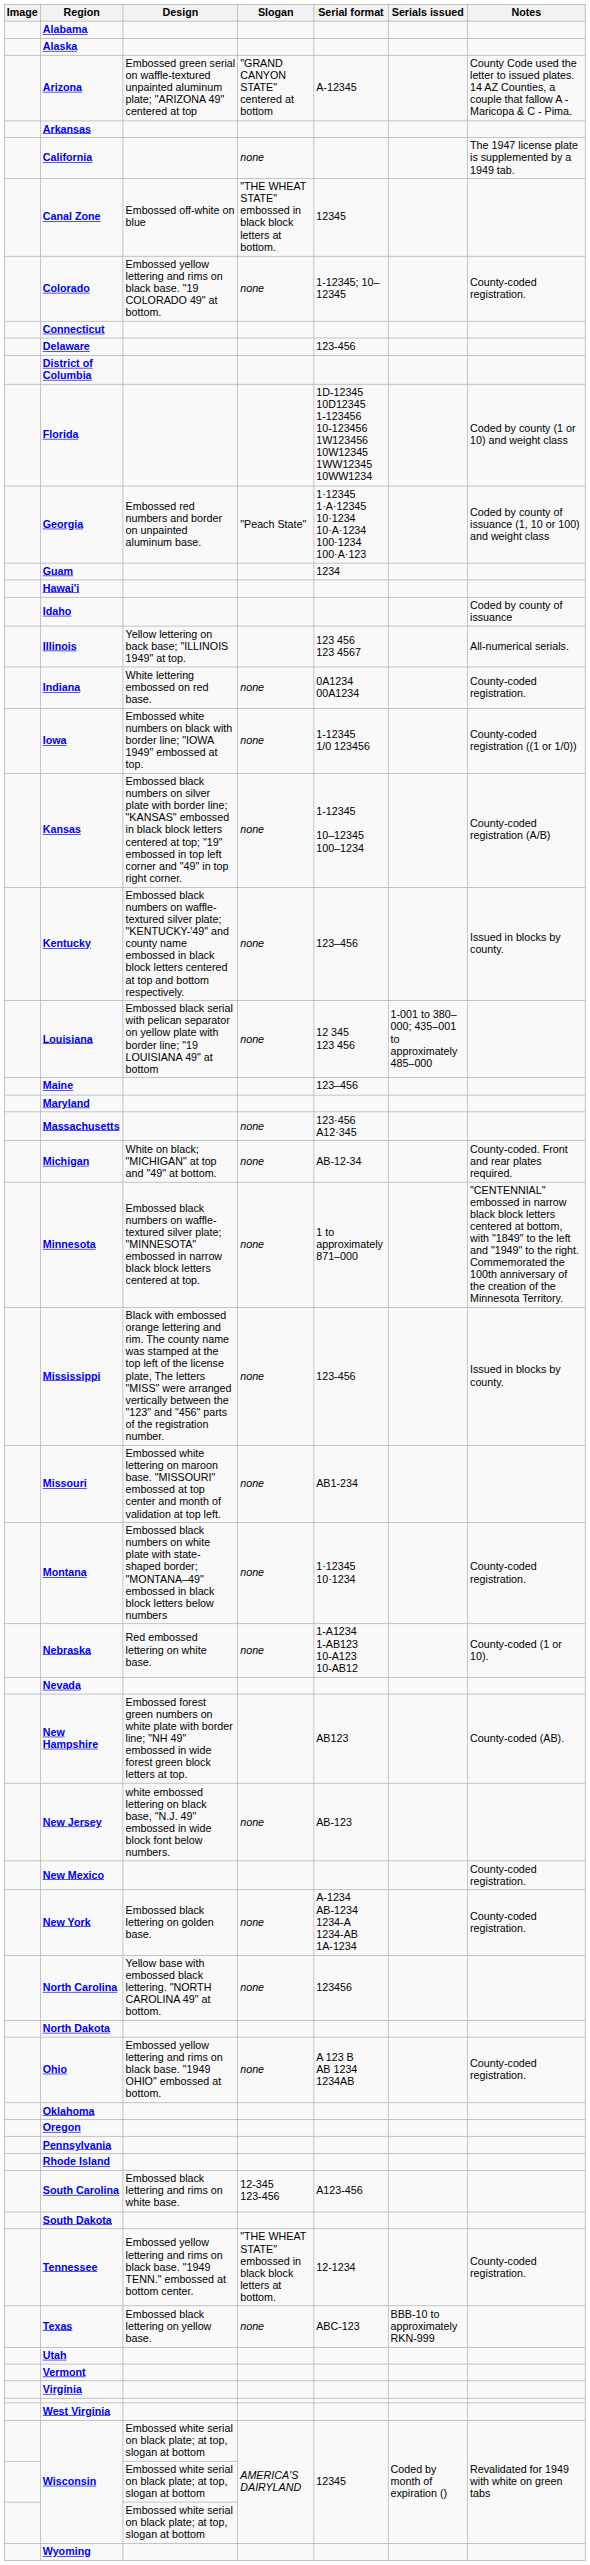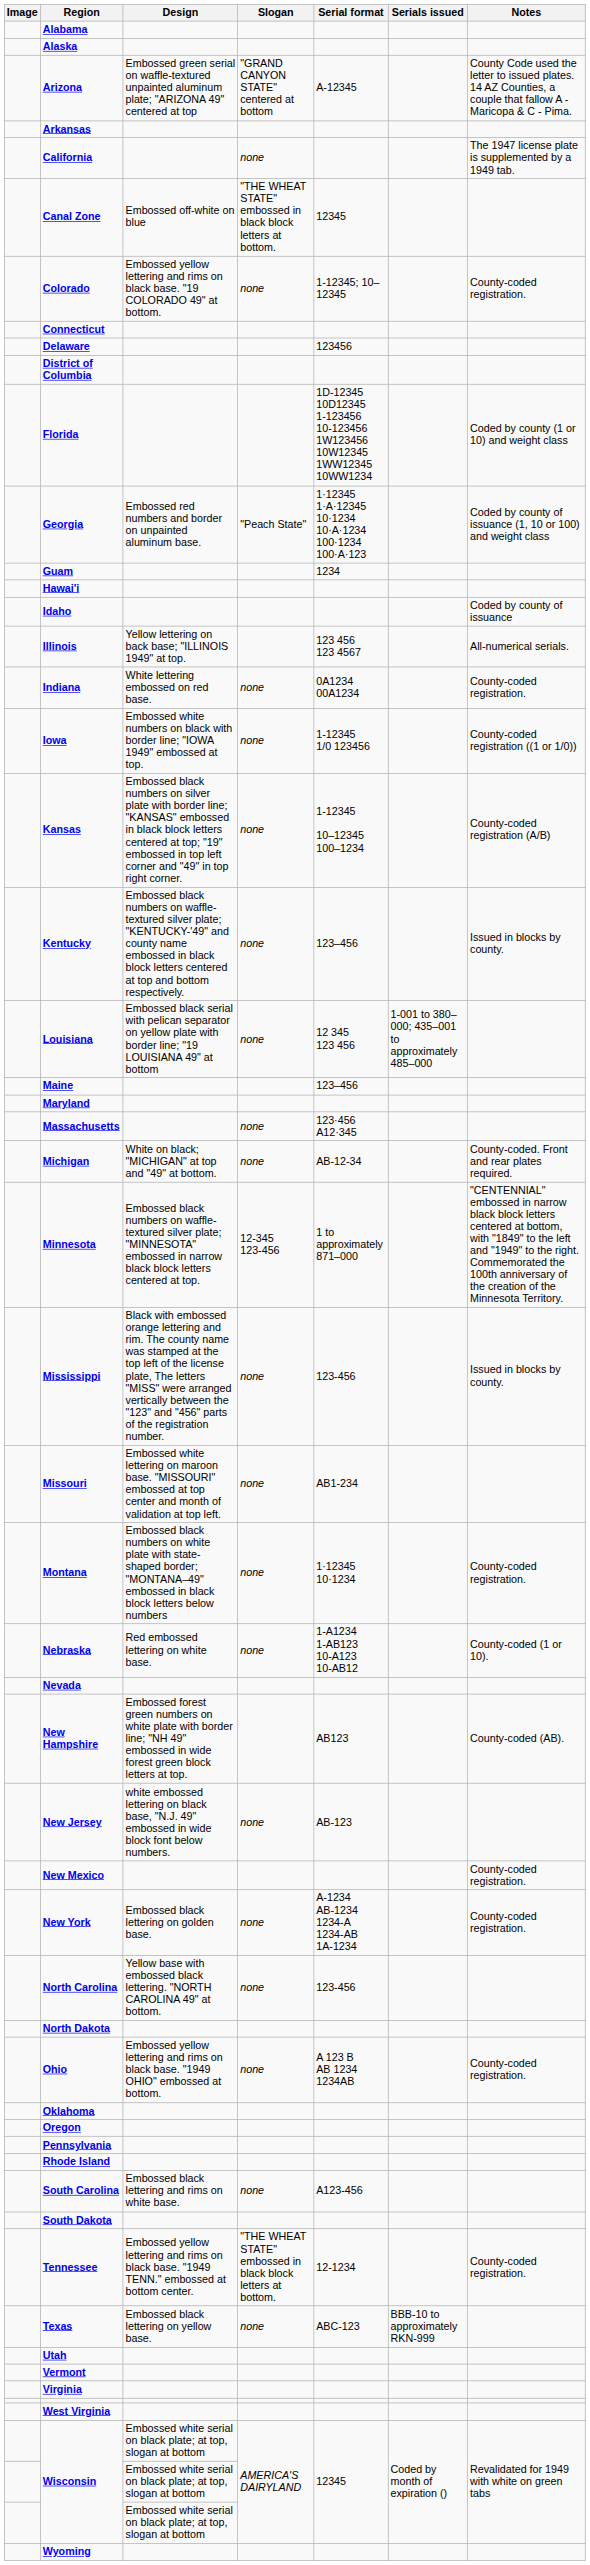 <table class="wikitable">
 <tr>
 <th>Image</th>
 <th>Region</th>
 <th>Design</th>
 <th>Slogan</th>
 <th>Serial format</th>
 <th>Serials issued</th>
 <th>Notes</th>
 </tr>
 <tr>
 <td></td>
 <td><strong><a href='#'>Alabama</a></strong></td>
 <td></td>
 <td></td>
 <td></td>
 <td></td>
 <td></td>
 </tr>
 <tr>
 <td></td>
 <td><strong><a href='#'>Alaska</a></strong></td>
 <td></td>
 <td></td>
 <td></td>
 <td></td>
 <td></td>
 </tr>
 <tr>
 <td></td>
 <td><strong><a href='#'>Arizona</a></strong></td>
 <td>Embossed green serial on waffle-textured unpainted aluminum plate; "ARIZONA 49" centered at top</td>
 <td>"GRAND CANYON STATE" centered at bottom</td>
 <td>A-12345</td>
 <td></td>
 <td>County Code used the letter to issued plates. 14 AZ Counties, a couple that fallow A - Maricopa & C - Pima.</td>
 </tr>
 <tr>
 <td></td>
 <td><strong><a href='#'>Arkansas</a></strong></td>
 <td></td>
 <td></td>
 <td></td>
 <td></td>
 <td></td>
 </tr>
 <tr>
 <td></td>
 <td><strong><a href='#'>California</a></strong></td>
 <td></td>
 <td><em>none</em></td>
 <td></td>
 <td></td>
 <td>The 1947 license plate is supplemented by a 1949 tab.</td>
 </tr>
 <tr>
 <td></td>
 <td><strong><a href='#'>Canal Zone</a></strong></td>
 <td>Embossed off-white on blue</td>
 <td>"THE WHEAT STATE" embossed in black block letters at bottom.</td>
 <td>12345</td>
 <td></td>
 <td></td>
 </tr>
 <tr>
 <td></td>
 <td><strong><a href='#'>Colorado</a></strong></td>
 <td>Embossed yellow lettering and rims on black base. "19 COLORADO 49" at bottom.</td>
 <td><em>none</em></td>
 <td>1-12345; 10–12345</td>
 <td></td>
 <td>County-coded registration.</td>
 </tr>
 <tr>
 <td></td>
 <td><strong><a href='#'>Connecticut</a></strong></td>
 <td></td>
 <td></td>
 <td></td>
 <td></td>
 <td></td>
 </tr>
 <tr>
 <td></td>
 <td><strong><a href='#'>Delaware</a></strong></td>
 <td></td>
 <td></td>
-<td>123-456</td>
+<td>123456</td>
 <td></td>
 <td></td>
 </tr>
 <tr>
 <td></td>
 <td><strong><a href='#'>District of Columbia</a></strong></td>
 <td></td>
 <td></td>
 <td></td>
 <td></td>
 <td></td>
 </tr>
 <tr>
 <td></td>
 <td><strong><a href='#'>Florida</a></strong></td>
 <td></td>
 <td></td>
 <td>1D-12345<br>10D12345<br>1-123456<br>10-123456<br>1W123456<br>10W12345<br>1WW12345<br>10WW1234</td>
 <td></td>
 <td>Coded by county (1 or 10) and weight class</td>
 </tr>
 <tr>
 <td></td>
 <td><strong><a href='#'>Georgia</a></strong></td>
 <td>Embossed red numbers and border on unpainted aluminum base.</td>
 <td>"Peach State"</td>
 <td>1·12345<br>1·A·12345<br>10·1234<br>10·A·1234<br>100·1234<br>100·A·123</td>
 <td></td>
 <td>Coded by county of issuance (1, 10 or 100) and weight class</td>
 </tr>
 <tr>
 <td></td>
 <td><strong><a href='#'>Guam</a></strong></td>
 <td></td>
 <td></td>
 <td>1234</td>
 <td></td>
 <td></td>
 </tr>
 <tr>
 <td></td>
 <td><strong><a href='#'>Hawai'i</a></strong></td>
 <td></td>
 <td></td>
 <td></td>
 <td></td>
 <td></td>
 </tr>
 <tr>
 <td></td>
 <td><strong><a href='#'>Idaho</a></strong></td>
 <td></td>
 <td></td>
 <td></td>
 <td></td>
 <td>Coded by county of issuance</td>
 </tr>
 <tr>
 <td></td>
 <td><strong><a href='#'>Illinois</a></strong></td>
 <td>Yellow lettering on back base; "ILLINOIS 1949" at top.</td>
 <td></td>
 <td>123 456<br>123 4567</td>
 <td></td>
 <td>All-numerical serials.</td>
 </tr>
 <tr>
 <td></td>
 <td><strong><a href='#'>Indiana</a></strong></td>
 <td>White lettering embossed on red base.</td>
 <td><em>none</em></td>
 <td>0A1234<br>00A1234</td>
 <td></td>
 <td>County-coded registration.</td>
 </tr>
 <tr>
 <td></td>
 <td><strong><a href='#'>Iowa</a></strong></td>
 <td>Embossed white numbers on black with border line; "IOWA 1949" embossed at top.</td>
 <td><em>none</em></td>
 <td>1-12345<br>1/0 123456</td>
 <td></td>
 <td>County-coded registration ((1 or 1/0))</td>
 </tr>
 <tr>
 <td></td>
 <td><strong><a href='#'>Kansas</a></strong></td>
 <td>Embossed black numbers on silver plate with border line; "KANSAS" embossed in black block letters centered at top; "19" embossed in top left corner and "49" in top right corner.</td>
 <td><em>none</em></td>
 <td>1-12345<br><br>10–12345<br> 100–1234</td>
 <td></td>
 <td>County-coded registration (A/B)</td>
 </tr>
 <tr>
 <td></td>
 <td><strong><a href='#'>Kentucky</a></strong></td>
 <td>Embossed black numbers on waffle-textured silver plate; "KENTUCKY-'49" and county name embossed in black block letters centered at top and bottom respectively.</td>
 <td><em>none</em></td>
 <td>123–456</td>
 <td></td>
 <td>Issued in blocks by county.</td>
 </tr>
 <tr>
 <td></td>
 <td><strong><a href='#'>Louisiana</a></strong></td>
 <td>Embossed black serial with pelican separator on yellow plate with border line; "19 LOUISIANA 49" at bottom</td>
 <td><em>none</em></td>
 <td>12 345<br>123 456</td>
 <td>1-001 to 380–000; 435–001 to approximately 485–000</td>
 <td></td>
 </tr>
 <tr>
 <td></td>
 <td><strong><a href='#'>Maine</a></strong></td>
 <td></td>
 <td></td>
 <td>123–456</td>
 <td></td>
 <td></td>
 </tr>
 <tr>
 <td></td>
 <td><strong><a href='#'>Maryland</a></strong></td>
 <td></td>
 <td></td>
 <td></td>
 <td></td>
 <td></td>
 </tr>
 <tr>
 <td></td>
 <td><strong><a href='#'>Massachusetts</a></strong></td>
 <td></td>
 <td><em>none</em></td>
 <td>123·456<br>A12·345</td>
 <td></td>
 <td></td>
 </tr>
 <tr>
 <td></td>
 <td><strong><a href='#'>Michigan</a></strong></td>
 <td>White on black; "MICHIGAN" at top and "49" at bottom.</td>
 <td><em>none</em></td>
 <td>AB-12-34</td>
 <td></td>
 <td>County-coded. Front and rear plates required.</td>
 </tr>
 <tr>
 <td></td>
 <td><strong><a href='#'>Minnesota</a></strong></td>
 <td>Embossed black numbers on waffle-textured silver plate; "MINNESOTA" embossed in narrow black block letters centered at top.</td>
-<td><em>none</em></td>
+<td>12-345<br>123-456</td>
 <td>1 to approximately 871–000</td>
 <td></td>
 <td>"CENTENNIAL" embossed in narrow black block letters centered at bottom, with "1849" to the left and "1949" to the right. Commemorated the 100th anniversary of the creation of the Minnesota Territory.</td>
 </tr>
 <tr>
 <td></td>
 <td><strong><a href='#'>Mississippi</a></strong></td>
 <td>Black with embossed orange lettering and rim. The county name was stamped at the top left of the license plate, The letters "MISS" were arranged vertically between the "123" and "456" parts of the registration number.</td>
 <td><em>none</em></td>
 <td>123-456</td>
 <td></td>
 <td>Issued in blocks by county.</td>
 </tr>
 <tr>
 <td></td>
 <td><strong><a href='#'>Missouri</a></strong></td>
 <td>Embossed white lettering on maroon base. "MISSOURI" embossed at top center and month of validation at top left.</td>
 <td><em>none</em></td>
 <td>AB1-234</td>
 <td></td>
 <td></td>
 </tr>
 <tr>
 <td></td>
 <td><strong><a href='#'>Montana</a></strong></td>
 <td>Embossed black numbers on white plate with state-shaped border; "MONTANA–49" embossed in black block letters below numbers</td>
 <td><em>none</em></td>
 <td>1·12345<br>10·1234</td>
 <td></td>
 <td>County-coded registration.</td>
 </tr>
 <tr>
 <td></td>
 <td><strong><a href='#'>Nebraska</a></strong></td>
 <td>Red embossed lettering on white base.</td>
 <td><em>none</em></td>
 <td>1-A1234<br>1-AB123<br>10-A123<br>10-AB12</td>
 <td></td>
 <td>County-coded (1 or 10).</td>
 </tr>
 <tr>
 <td></td>
 <td><strong><a href='#'>Nevada</a></strong></td>
 <td></td>
 <td></td>
 <td></td>
 <td></td>
 <td></td>
 </tr>
 <tr>
 <td></td>
 <td><strong><a href='#'>New Hampshire</a></strong></td>
 <td>Embossed forest green numbers on white plate with border line; "NH 49" embossed in wide forest green block letters at top.</td>
 <td></td>
 <td>AB123</td>
 <td></td>
 <td>County-coded (AB).</td>
 </tr>
 <tr>
 <td></td>
 <td><strong><a href='#'>New Jersey</a></strong></td>
 <td>white embossed lettering on black base, "N.J. 49" embossed in wide block font below numbers.</td>
 <td><em>none</em></td>
 <td>AB-123</td>
 <td></td>
 <td></td>
 </tr>
 <tr>
 <td></td>
 <td><strong><a href='#'>New Mexico</a></strong></td>
 <td></td>
 <td></td>
 <td></td>
 <td></td>
 <td>County-coded registration.</td>
 </tr>
 <tr>
 <td></td>
 <td><strong><a href='#'>New York</a></strong></td>
 <td>Embossed black lettering on golden base.</td>
 <td><em>none</em></td>
 <td>A-1234<br>AB-1234<br>1234-A<br>1234-AB<br>1A-1234</td>
 <td></td>
 <td>County-coded registration.</td>
 </tr>
 <tr>
 <td></td>
 <td><strong><a href='#'>North Carolina</a></strong></td>
 <td>Yellow base with embossed black lettering. "NORTH CAROLINA 49" at bottom.</td>
 <td><em>none</em></td>
-<td>123456</td>
+<td>123-456</td>
 <td></td>
 <td></td>
 </tr>
 <tr>
 <td></td>
 <td><strong><a href='#'>North Dakota</a></strong></td>
 <td></td>
 <td></td>
 <td></td>
 <td></td>
 <td></td>
 </tr>
 <tr>
 <td></td>
 <td><strong><a href='#'>Ohio</a></strong></td>
 <td>Embossed yellow lettering and rims on black base. "1949 OHIO" embossed at bottom.</td>
 <td><em>none</em></td>
 <td>A 123 B<br>AB 1234<br>1234AB</td>
 <td></td>
 <td>County-coded registration.</td>
 </tr>
 <tr>
 <td></td>
 <td><strong><a href='#'>Oklahoma</a></strong></td>
 <td></td>
 <td></td>
 <td></td>
 <td></td>
 <td></td>
 </tr>
 <tr>
 <td></td>
 <td><strong><a href='#'>Oregon</a></strong></td>
 <td></td>
 <td></td>
 <td></td>
 <td></td>
 <td></td>
 </tr>
 <tr>
 <td></td>
 <td><strong><a href='#'>Pennsylvania</a></strong></td>
 <td></td>
 <td></td>
 <td></td>
 <td></td>
 <td></td>
 </tr>
 <tr>
 <td></td>
 <td><strong><a href='#'>Rhode Island</a></strong></td>
 <td></td>
 <td></td>
 <td></td>
 <td></td>
 <td></td>
 </tr>
 <tr>
 <td></td>
 <td><strong><a href='#'>South Carolina</a></strong></td>
 <td>Embossed black lettering and rims on white base.</td>
-<td>12-345<br>123-456</td>
+<td><em>none</em></td>
 <td>A123-456</td>
 <td></td>
 <td></td>
 </tr>
 <tr>
 <td></td>
 <td><strong><a href='#'>South Dakota</a></strong></td>
 <td></td>
 <td></td>
 <td></td>
 <td></td>
 <td></td>
 </tr>
 <tr>
 <td></td>
 <td><strong><a href='#'>Tennessee</a></strong></td>
 <td>Embossed yellow lettering and rims on black base. "1949 TENN." embossed at bottom center.</td>
 <td>"THE WHEAT STATE" embossed in black block letters at bottom.</td>
 <td>12-1234</td>
 <td></td>
 <td>County-coded registration.</td>
 </tr>
 <tr>
 <td></td>
 <td><strong><a href='#'>Texas</a></strong></td>
 <td>Embossed black lettering on yellow base.</td>
 <td><em>none</em></td>
 <td>ABC-123</td>
 <td>BBB-10 to approximately RKN-999</td>
 <td></td>
 </tr>
 <tr>
 <td></td>
 <td><strong><a href='#'>Utah</a></strong></td>
 <td></td>
 <td></td>
 <td></td>
 <td></td>
 <td></td>
 </tr>
 <tr>
 <td></td>
 <td><strong><a href='#'>Vermont</a></strong></td>
 <td></td>
 <td></td>
 <td></td>
 <td></td>
 <td></td>
 </tr>
 <tr>
 <td></td>
 <td><strong><a href='#'>Virginia</a></strong></td>
 <td></td>
 <td></td>
 <td></td>
 <td></td>
 <td></td>
 </tr>
 <tr>
 <td></td>
 <td></td>
 <td></td>
 <td></td>
 <td></td>
 <td></td>
 <td></td>
 </tr>
 <tr>
 <td></td>
 <td><strong><a href='#'>West Virginia</a></strong></td>
 <td></td>
 <td></td>
 <td></td>
 <td></td>
 <td></td>
 </tr>
 <tr>
 <td></td>
 <td rowspan="3"><strong><a href='#'>Wisconsin</a></strong></td>
 <td>Embossed white serial on black plate;  at top, slogan at bottom</td>
 <td rowspan="3"><em>AMERICA'S DAIRYLAND</em></td>
 <td rowspan="3"> 12345</td>
 <td rowspan="3">Coded by month of expiration ()</td>
 <td rowspan="3">Revalidated for 1949 with white on green tabs</td>
 </tr>
 <tr>
 <td></td>
 <td>Embossed white serial on black plate;  at top, slogan at bottom</td>
 </tr>
 <tr>
 <td></td>
 <td>Embossed white serial on black plate;  at top, slogan at bottom</td>
 </tr>
 <tr>
 <td></td>
 <td><strong><a href='#'>Wyoming</a></strong></td>
 <td></td>
 <td></td>
 <td></td>
 <td></td>
 <td></td>
 </tr>
 </table>
